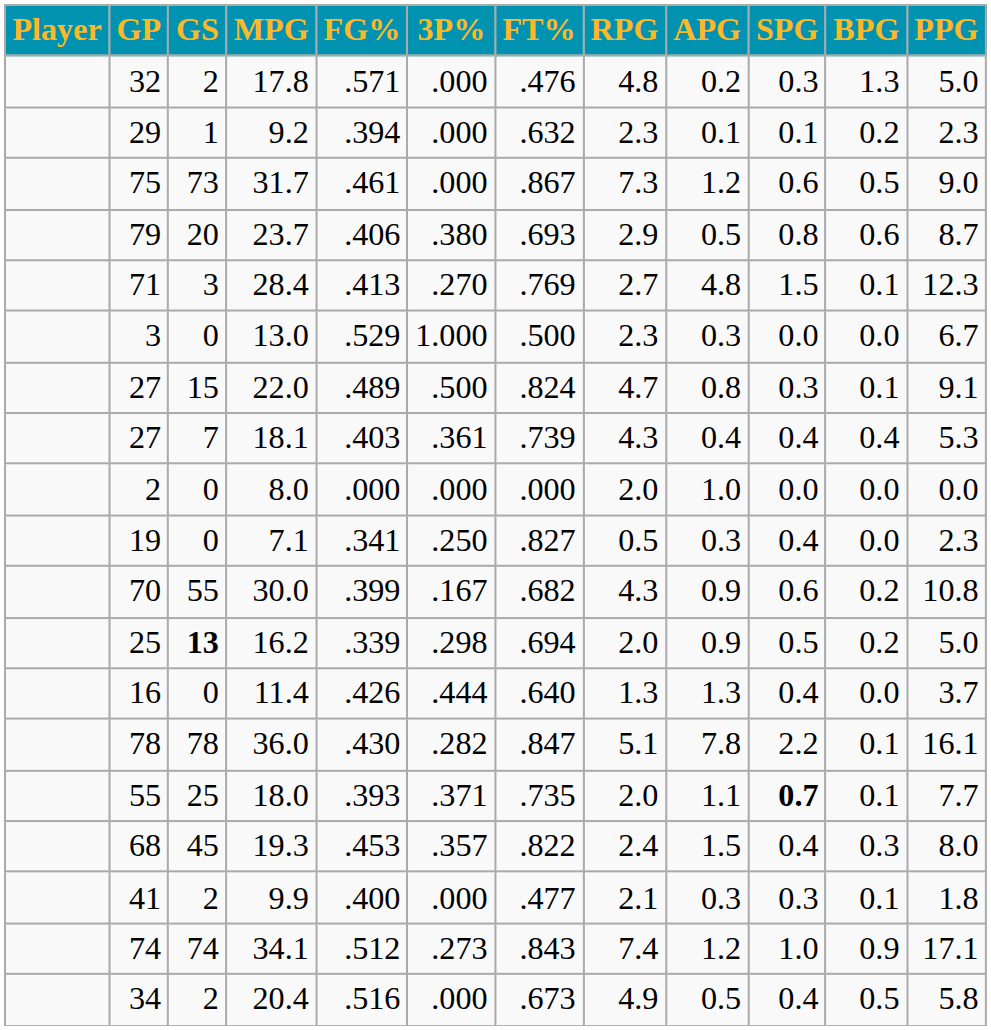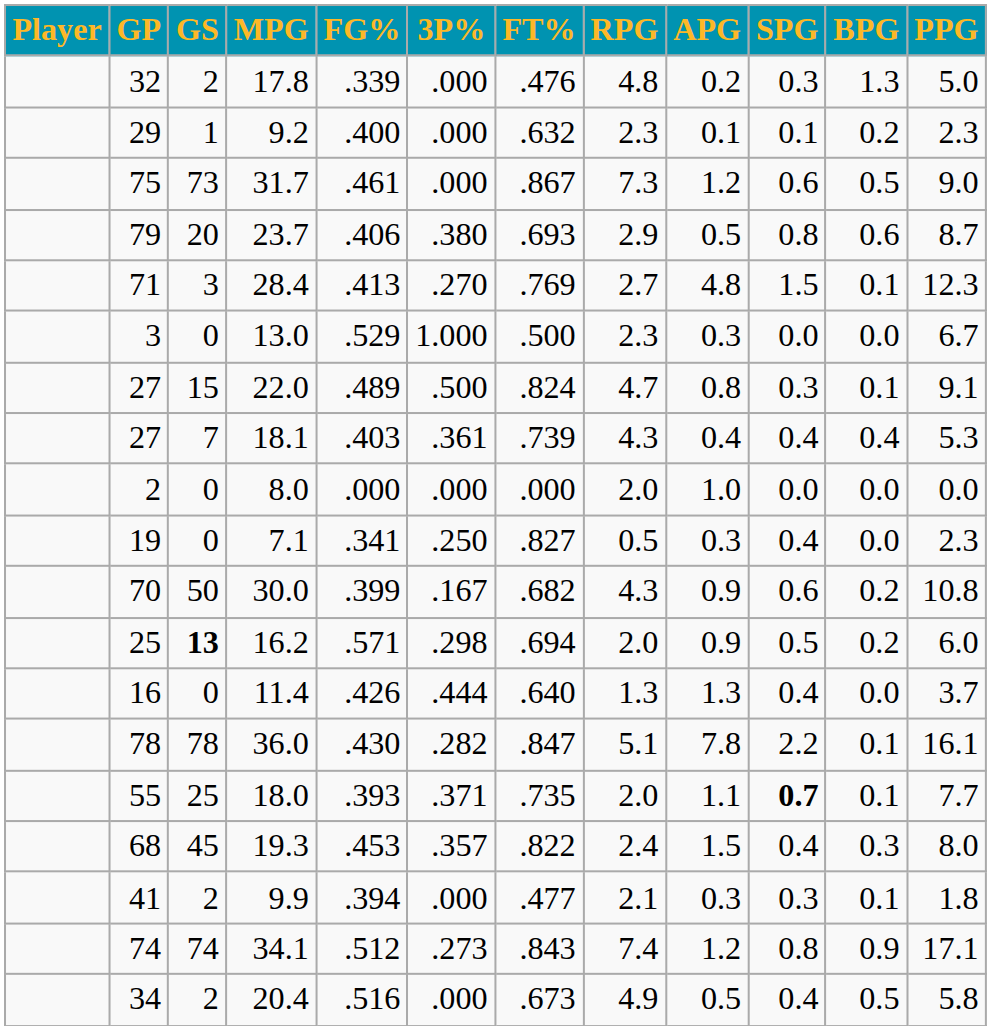 <table class="wikitable sortable" style="text-align:right;">
 <tr>
 <th style="background:#0093B1; color:#FDB827">Player</th>
 <th style="background:#0093B1; color:#FDB827">GP</th>
 <th style="background:#0093B1; color:#FDB827">GS</th>
 <th style="background:#0093B1; color:#FDB827">MPG</th>
 <th style="background:#0093B1; color:#FDB827">FG%</th>
 <th style="background:#0093B1; color:#FDB827">3P%</th>
 <th style="background:#0093B1; color:#FDB827">FT%</th>
 <th style="background:#0093B1; color:#FDB827">RPG</th>
 <th style="background:#0093B1; color:#FDB827">APG</th>
 <th style="background:#0093B1; color:#FDB827">SPG</th>
 <th style="background:#0093B1; color:#FDB827">BPG</th>
 <th style="background:#0093B1; color:#FDB827">PPG</th>
 </tr>
 <tr>
 <td></td>
 <td>32</td>
 <td>2</td>
 <td>17.8</td>
-<td>.571</td>
+<td>.339</td>
 <td>.000</td>
 <td>.476</td>
 <td>4.8</td>
 <td>0.2</td>
 <td>0.3</td>
 <td>1.3</td>
 <td>5.0</td>
 </tr>
 <tr>
 <td></td>
 <td>29</td>
 <td>1</td>
 <td>9.2</td>
-<td>.394</td>
+<td>.400</td>
 <td>.000</td>
 <td>.632</td>
 <td>2.3</td>
 <td>0.1</td>
 <td>0.1</td>
 <td>0.2</td>
 <td>2.3</td>
 </tr>
 <tr>
 <td></td>
 <td>75</td>
 <td>73</td>
 <td>31.7</td>
 <td>.461</td>
 <td>.000</td>
 <td>.867</td>
 <td>7.3</td>
 <td>1.2</td>
 <td>0.6</td>
 <td>0.5</td>
 <td>9.0</td>
 </tr>
 <tr>
 <td></td>
 <td>79</td>
 <td>20</td>
 <td>23.7</td>
 <td>.406</td>
 <td>.380</td>
 <td>.693</td>
 <td>2.9</td>
 <td>0.5</td>
 <td>0.8</td>
 <td>0.6</td>
 <td>8.7</td>
 </tr>
 <tr>
 <td></td>
 <td>71</td>
 <td>3</td>
 <td>28.4</td>
 <td>.413</td>
 <td>.270</td>
 <td>.769</td>
 <td>2.7</td>
 <td>4.8</td>
 <td>1.5</td>
 <td>0.1</td>
 <td>12.3</td>
 </tr>
 <tr>
 <td></td>
 <td>3</td>
 <td>0</td>
 <td>13.0</td>
 <td>.529</td>
 <td>1.000</td>
 <td>.500</td>
 <td>2.3</td>
 <td>0.3</td>
 <td>0.0</td>
 <td>0.0</td>
 <td>6.7</td>
 </tr>
 <tr>
 <td></td>
 <td>27</td>
 <td>15</td>
 <td>22.0</td>
 <td>.489</td>
 <td>.500</td>
 <td>.824</td>
 <td>4.7</td>
 <td>0.8</td>
 <td>0.3</td>
 <td>0.1</td>
 <td>9.1</td>
 </tr>
 <tr>
 <td></td>
 <td>27</td>
 <td>7</td>
 <td>18.1</td>
 <td>.403</td>
 <td>.361</td>
 <td>.739</td>
 <td>4.3</td>
 <td>0.4</td>
 <td>0.4</td>
 <td>0.4</td>
 <td>5.3</td>
 </tr>
 <tr>
 <td></td>
 <td>2</td>
 <td>0</td>
 <td>8.0</td>
 <td>.000</td>
 <td>.000</td>
 <td>.000</td>
 <td>2.0</td>
 <td>1.0</td>
 <td>0.0</td>
 <td>0.0</td>
 <td>0.0</td>
 </tr>
 <tr>
 <td></td>
 <td>19</td>
 <td>0</td>
 <td>7.1</td>
 <td>.341</td>
 <td>.250</td>
 <td>.827</td>
 <td>0.5</td>
 <td>0.3</td>
 <td>0.4</td>
 <td>0.0</td>
 <td>2.3</td>
 </tr>
 <tr>
 <td></td>
 <td>70</td>
-<td>55</td>
+<td>50</td>
 <td>30.0</td>
 <td>.399</td>
 <td>.167</td>
 <td>.682</td>
 <td>4.3</td>
 <td>0.9</td>
 <td>0.6</td>
 <td>0.2</td>
 <td>10.8</td>
 </tr>
 <tr>
 <td></td>
 <td>25</td>
 <td><strong>13</strong></td>
 <td>16.2</td>
-<td>.339</td>
+<td>.571</td>
 <td>.298</td>
 <td>.694</td>
 <td>2.0</td>
 <td>0.9</td>
 <td>0.5</td>
 <td>0.2</td>
-<td>5.0</td>
+<td>6.0</td>
 </tr>
 <tr>
 <td></td>
 <td>16</td>
 <td>0</td>
 <td>11.4</td>
 <td>.426</td>
 <td>.444</td>
 <td>.640</td>
 <td>1.3</td>
 <td>1.3</td>
 <td>0.4</td>
 <td>0.0</td>
 <td>3.7</td>
 </tr>
 <tr>
 <td></td>
 <td>78</td>
 <td>78</td>
 <td>36.0</td>
 <td>.430</td>
 <td>.282</td>
 <td>.847</td>
 <td>5.1</td>
 <td>7.8</td>
 <td>2.2</td>
 <td>0.1</td>
 <td>16.1</td>
 </tr>
 <tr>
 <td></td>
 <td>55</td>
 <td>25</td>
 <td>18.0</td>
 <td>.393</td>
 <td>.371</td>
 <td>.735</td>
 <td>2.0</td>
 <td>1.1</td>
 <td><strong>0.7</strong></td>
 <td>0.1</td>
 <td>7.7</td>
 </tr>
 <tr>
 <td></td>
 <td>68</td>
 <td>45</td>
 <td>19.3</td>
 <td>.453</td>
 <td>.357</td>
 <td>.822</td>
 <td>2.4</td>
 <td>1.5</td>
 <td>0.4</td>
 <td>0.3</td>
 <td>8.0</td>
 </tr>
 <tr>
 <td></td>
 <td>41</td>
 <td>2</td>
 <td>9.9</td>
-<td>.400</td>
+<td>.394</td>
 <td>.000</td>
 <td>.477</td>
 <td>2.1</td>
 <td>0.3</td>
 <td>0.3</td>
 <td>0.1</td>
 <td>1.8</td>
 </tr>
 <tr>
 <td></td>
 <td>74</td>
 <td>74</td>
 <td>34.1</td>
 <td>.512</td>
 <td>.273</td>
 <td>.843</td>
 <td>7.4</td>
 <td>1.2</td>
-<td>1.0</td>
+<td>0.8</td>
 <td>0.9</td>
 <td>17.1</td>
 </tr>
 <tr>
 <td></td>
 <td>34</td>
 <td>2</td>
 <td>20.4</td>
 <td>.516</td>
 <td>.000</td>
 <td>.673</td>
 <td>4.9</td>
 <td>0.5</td>
 <td>0.4</td>
 <td>0.5</td>
 <td>5.8</td>
 </tr>
 </table>
